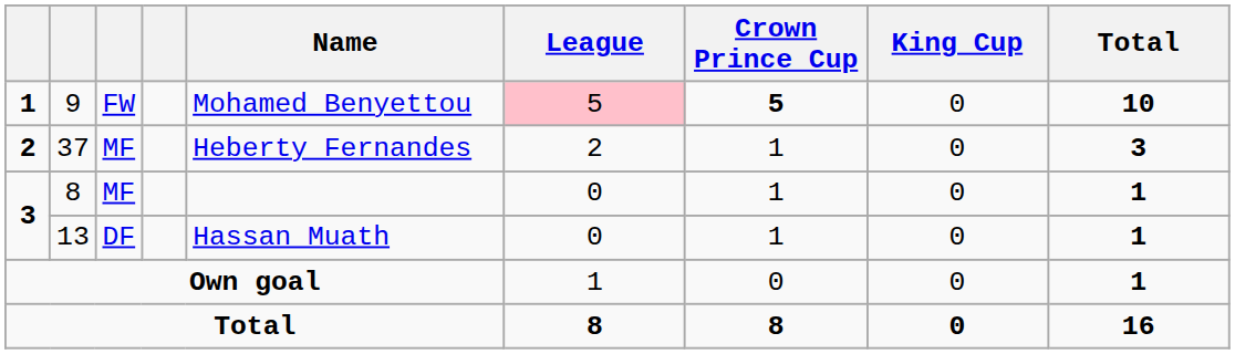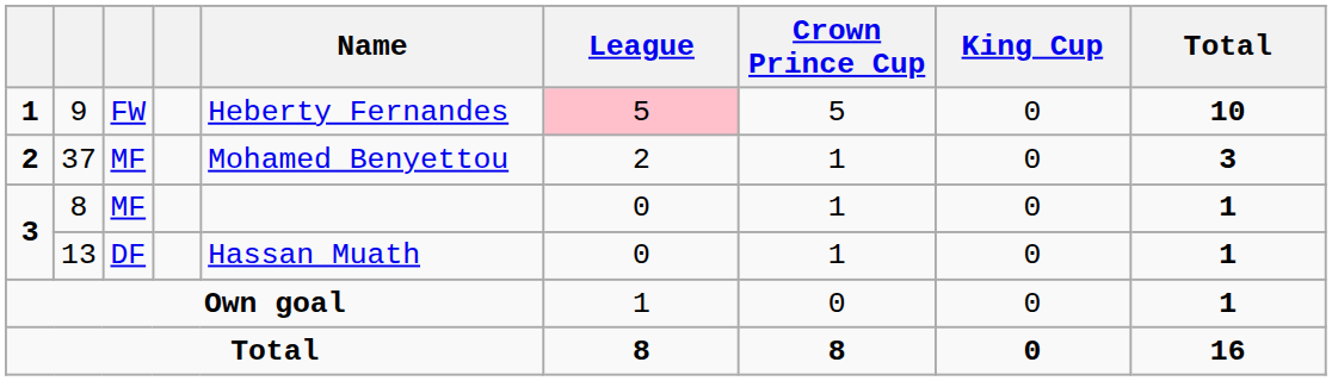 <table class="wikitable" style="text-align:center">
 <tr>
 <th width=15></th>
 <th width=15></th>
 <th width=15></th>
 <th width=15></th>
 <th width=145>Name</th>
 <th width=80><a href='#'>League</a></th>
 <th width=80><a href='#'>Crown Prince Cup</a></th>
 <th width=80><a href='#'>King Cup</a></th>
 <th width=80>Total</th>
 </tr>
 <tr>
 <td><strong>1</strong></td>
 <td>9</td>
 <td><a href='#'>FW</a></td>
 <td></td>
-<td align=left><a href='#'>Mohamed Benyettou</a></td>
+<td align=left><a href='#'>Heberty Fernandes</a></td>
 <td style="background: pink;">5</td>
-<td><strong>5</strong></td>
+<td>5</td>
 <td>0</td>
 <td><strong>10</strong></td>
 </tr>
 <tr>
 <td><strong>2</strong></td>
 <td>37</td>
 <td><a href='#'>MF</a></td>
 <td></td>
-<td align=left><a href='#'>Heberty Fernandes</a></td>
+<td align=left><a href='#'>Mohamed Benyettou</a></td>
 <td>2</td>
 <td>1</td>
 <td>0</td>
 <td><strong>3</strong></td>
 </tr>
 <tr>
 <td rowspan=2><strong>3</strong></td>
 <td>8</td>
 <td><a href='#'>MF</a></td>
 <td></td>
 <td align=left></td>
 <td>0</td>
 <td>1</td>
 <td>0</td>
 <td><strong>1</strong></td>
 </tr>
 <tr>
 <td>13</td>
 <td><a href='#'>DF</a></td>
 <td></td>
 <td align=left><a href='#'>Hassan Muath</a></td>
 <td>0</td>
 <td>1</td>
 <td>0</td>
 <td><strong>1</strong></td>
 </tr>
 <tr>
 <td colspan=5><strong>Own goal</strong></td>
 <td>1</td>
 <td>0</td>
 <td>0</td>
 <td><strong>1</strong></td>
 </tr>
 <tr>
 <td colspan=5><strong>Total</strong></td>
 <td><strong>8</strong></td>
 <td><strong>8</strong></td>
 <td><strong>0</strong></td>
 <td><strong>16</strong></td>
 </tr>
 </table>
